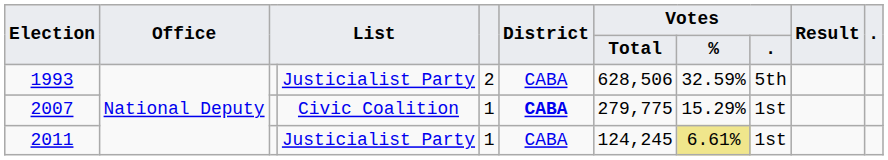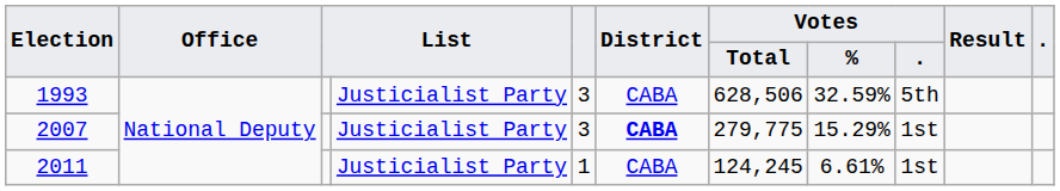 <table class="wikitable" style="font-size:90%; text-align:center;">
 <tr>
 <th style="background-color:#EAECF0;" rowspan=2>Election</th>
 <th style="background-color:#EAECF0;" rowspan=2>Office</th>
 <th style="background-color:#EAECF0;" colspan=2 rowspan=2>List</th>
 <th style="background-color:#EAECF0;" rowspan=2></th>
 <th style="background-color:#EAECF0;" rowspan=2>District</th>
 <th style="background-color:#EAECF0;" colspan=3>Votes</th>
 <th style="background-color:#EAECF0;" rowspan=2>Result</th>
 <th style="background-color:#EAECF0;" rowspan=2>.</th>
 </tr>
 <tr>
 <th style="background-color:#EAECF0;">Total</th>
 <th style="background-color:#EAECF0;">%</th>
 <th style="background-color:#EAECF0;">.</th>
 </tr>
 <tr>
 <td><a href='#'>1993</a></td>
 <td rowspan="3"><a href='#'>National Deputy</a></td>
 <td style="background-color:"></td>
 <td><a href='#'>Justicialist Party</a></td>
-<td>2</td>
+<td>3</td>
 <td><a href='#'>CABA</a></td>
 <td>628,506</td>
 <td>32.59%</td>
 <td>5th</td>
 <td></td>
 <td></td>
 </tr>
 <tr>
 <td><a href='#'>2007</a></td>
 <td style="background-color:"></td>
-<td><a href='#'>Civic Coalition</a></td>
-<td>1</td>
+<td><a href='#'>Justicialist Party</a></td>
+<td>3</td>
 <td><strong><a href='#'>CABA</a></strong></td>
 <td>279,775</td>
 <td>15.29%</td>
 <td>1st</td>
 <td></td>
 <td></td>
 </tr>
 <tr>
 <td><a href='#'>2011</a></td>
 <td style="background-color:"></td>
 <td><a href='#'>Justicialist Party</a></td>
 <td>1</td>
 <td><a href='#'>CABA</a></td>
 <td>124,245</td>
-<td style="background: khaki;">6.61%</td>
+<td>6.61%</td>
 <td>1st</td>
 <td></td>
 <td></td>
 </tr>
 </table>
